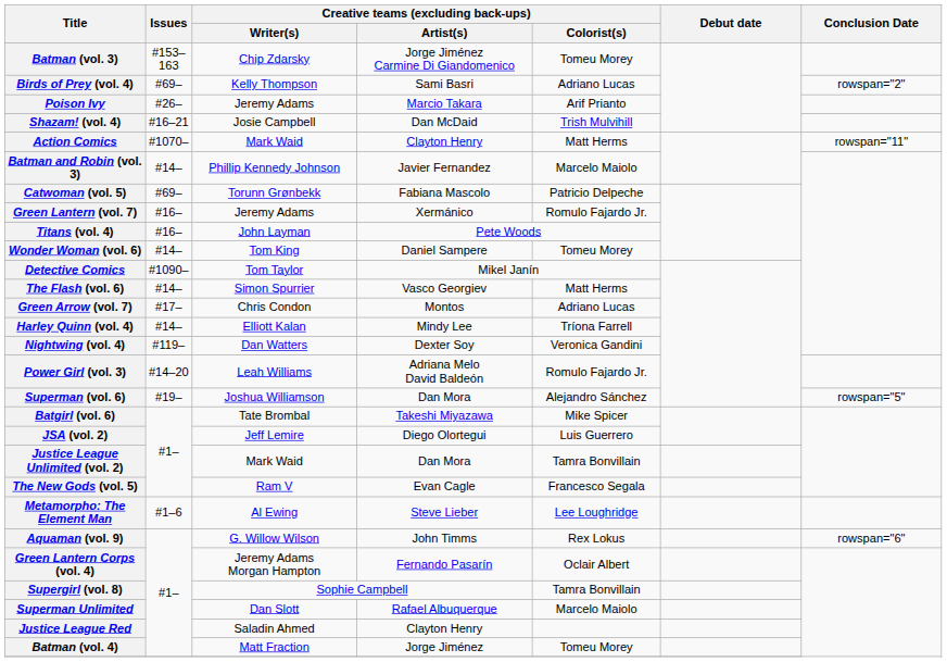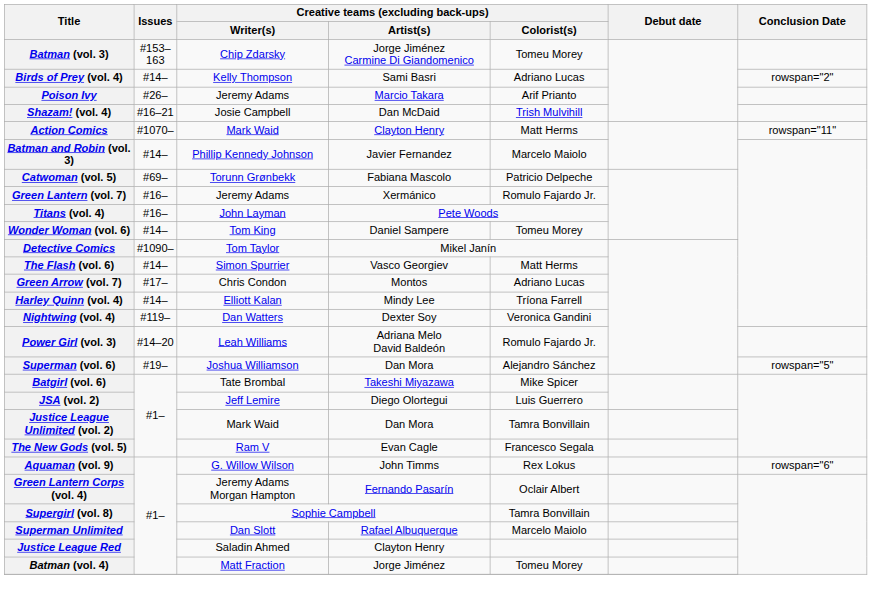 <table class="wikitable sortable" style="text-align:center; font-weight:normal;"  width=99%>
 <tr>
 <th scope="col" rowspan="2" align="center" width="15%">Title</th>
 <th scope="col" rowspan="2" align="center" width="5%">Issues</th>
 <th scope="col" colspan="3" align="center" width="50%">Creative teams (excluding back-ups)</th>
 <th scope="col" rowspan="2" align="center" width="15%">Debut date</th>
 <th scope="col" rowspan="2" align="center" width="15%">Conclusion Date</th>
 </tr>
 <tr>
 <th scope="col">Writer(s)</th>
 <th scope="col">Artist(s)</th>
 <th scope="col">Colorist(s)</th>
 </tr>
 <tr>
 <th scope="row"><em><a href='#'>Batman</a></em> (vol. 3)</th>
 <td>#153–163</td>
 <td><a href='#'>Chip Zdarsky</a></td>
 <td>Jorge Jiménez<br><a href='#'>Carmine Di Giandomenico</a></td>
 <td>Tomeu Morey</td>
 <td rowspan="4"></td>
 <td></td>
 </tr>
 <tr>
 <th scope="row"><em><a href='#'>Birds of Prey</a></em> (vol. 4)</th>
-<td>#69–</td>
+<td>#14–</td>
 <td><a href='#'>Kelly Thompson</a></td>
 <td>Sami Basri</td>
 <td>Adriano Lucas</td>
 <td>rowspan="2" </td>
 </tr>
 <tr>
 <th scope="row"><em><a href='#'>Poison Ivy</a></em></th>
 <td>#26–</td>
 <td>Jeremy Adams</td>
 <td><a href='#'>Marcio Takara</a></td>
 <td>Arif Prianto</td>
 </tr>
 <tr>
 <th scope="row"><em><a href='#'>Shazam!</a></em> (vol. 4)</th>
 <td>#16–21</td>
 <td>Josie Campbell</td>
 <td>Dan McDaid</td>
 <td><a href='#'>Trish Mulvihill</a></td>
 <td></td>
 </tr>
 <tr>
 <th scope="row"><em><a href='#'>Action Comics</a></em></th>
 <td>#1070–</td>
 <td><a href='#'>Mark Waid</a></td>
 <td><a href='#'>Clayton Henry</a></td>
 <td>Matt Herms</td>
 <td rowspan="2"></td>
 <td>rowspan="11" </td>
 </tr>
 <tr>
 <th scope="row"><em><a href='#'>Batman and Robin</a></em> (vol. 3)</th>
 <td>#14–</td>
 <td><a href='#'>Phillip Kennedy Johnson</a></td>
 <td>Javier Fernandez</td>
 <td>Marcelo Maiolo</td>
 </tr>
 <tr>
 <th scope="row"><em><a href='#'>Catwoman</a></em> (vol. 5)</th>
 <td>#69–</td>
 <td><a href='#'>Torunn Grønbekk</a></td>
 <td>Fabiana Mascolo</td>
 <td>Patricio Delpeche</td>
 <td rowspan="4"></td>
 </tr>
 <tr>
 <th scope="row"><em><a href='#'>Green Lantern</a></em> (vol. 7)</th>
 <td>#16–</td>
 <td>Jeremy Adams</td>
 <td>Xermánico</td>
 <td>Romulo Fajardo Jr.</td>
 </tr>
 <tr>
 <th scope="row"><em><a href='#'>Titans</a></em> (vol. 4)</th>
 <td>#16–</td>
 <td><a href='#'>John Layman</a></td>
 <td colspan="2"><a href='#'>Pete Woods</a></td>
 </tr>
 <tr>
 <th scope="row"><em><a href='#'>Wonder Woman</a></em> (vol. 6)</th>
 <td>#14–</td>
 <td><a href='#'>Tom King</a></td>
 <td>Daniel Sampere</td>
 <td>Tomeu Morey</td>
 </tr>
 <tr>
 <th scope="row"><em><a href='#'>Detective Comics</a></em></th>
 <td>#1090–</td>
 <td><a href='#'>Tom Taylor</a></td>
 <td colspan="2">Mikel Janín</td>
 <td rowspan="7"></td>
 </tr>
 <tr>
 <th scope="row"><em><a href='#'>The Flash</a></em> (vol. 6)</th>
 <td>#14–</td>
 <td><a href='#'>Simon Spurrier</a></td>
 <td>Vasco Georgiev</td>
 <td>Matt Herms</td>
 </tr>
 <tr>
 <th scope="row"><em><a href='#'>Green Arrow</a></em> (vol. 7)</th>
 <td>#17–</td>
 <td>Chris Condon</td>
 <td>Montos</td>
 <td>Adriano Lucas</td>
 </tr>
 <tr>
 <th scope="row"><em><a href='#'>Harley Quinn</a></em> (vol. 4)</th>
 <td>#14–</td>
 <td><a href='#'>Elliott Kalan</a></td>
 <td>Mindy Lee</td>
 <td>Tríona Farrell</td>
 </tr>
 <tr>
 <th scope="row"><em><a href='#'>Nightwing</a></em> (vol. 4)</th>
 <td>#119–</td>
 <td><a href='#'>Dan Watters</a></td>
 <td>Dexter Soy</td>
 <td>Veronica Gandini</td>
 </tr>
 <tr>
 <th scope="row"><em><a href='#'>Power Girl</a></em> (vol. 3)</th>
 <td>#14–20</td>
 <td><a href='#'>Leah Williams</a></td>
 <td>Adriana Melo<br>David Baldeón</td>
 <td>Romulo Fajardo Jr.</td>
 <td></td>
 </tr>
 <tr>
 <th scope="row"><em><a href='#'>Superman</a></em> (vol. 6)</th>
 <td>#19–</td>
 <td><a href='#'>Joshua Williamson</a></td>
 <td>Dan Mora</td>
 <td>Alejandro Sánchez</td>
 <td>rowspan="5" </td>
 </tr>
 <tr>
 <th scope="row"><em><a href='#'>Batgirl</a></em> (vol. 6)</th>
 <td rowspan="4">#1–</td>
 <td>Tate Brombal</td>
 <td><a href='#'>Takeshi Miyazawa</a></td>
 <td>Mike Spicer</td>
 <td rowspan="2"></td>
 </tr>
 <tr>
 <th scope="row"><em><a href='#'>JSA</a></em> (vol. 2)</th>
 <td><a href='#'>Jeff Lemire</a></td>
 <td>Diego Olortegui</td>
 <td>Luis Guerrero</td>
 </tr>
 <tr>
 <th scope="row"><em><a href='#'>Justice League Unlimited</a></em> (vol. 2)</th>
 <td>Mark Waid</td>
 <td>Dan Mora</td>
 <td>Tamra Bonvillain</td>
 <td></td>
 </tr>
 <tr>
 <th scope="row"><em><a href='#'>The New Gods</a></em> (vol. 5)</th>
 <td><a href='#'>Ram V</a></td>
 <td>Evan Cagle</td>
 <td>Francesco Segala</td>
 <td></td>
 </tr>
 <tr>
-<th scope="row"><em><a href='#'>Metamorpho: The Element Man</a></em></th>
-<td>#1–6</td>
-<td><a href='#'>Al Ewing</a></td>
-<td><a href='#'>Steve Lieber</a></td>
-<td><a href='#'>Lee Loughridge</a></td>
-<td></td>
-<td></td>
-</tr>
-<tr>
 <th scope="row"><em><a href='#'>Aquaman</a></em> (vol. 9)</th>
 <td rowspan="6">#1–</td>
 <td><a href='#'>G. Willow Wilson</a></td>
 <td>John Timms</td>
 <td>Rex Lokus</td>
 <td></td>
 <td>rowspan="6" </td>
 </tr>
 <tr>
 <th scope="row"><em><a href='#'>Green Lantern Corps</a></em> (vol. 4)</th>
 <td>Jeremy Adams<br>Morgan Hampton</td>
 <td><a href='#'>Fernando Pasarín</a></td>
 <td>Oclair Albert</td>
 <td></td>
 </tr>
 <tr>
 <th scope="row"><em><a href='#'>Supergirl</a></em> (vol. 8)</th>
 <td colspan="2"><a href='#'>Sophie Campbell</a></td>
 <td>Tamra Bonvillain</td>
 <td></td>
 </tr>
 <tr>
 <th scope="row"><em><a href='#'>Superman Unlimited</a></em></th>
 <td><a href='#'>Dan Slott</a></td>
 <td><a href='#'>Rafael Albuquerque</a></td>
 <td>Marcelo Maiolo</td>
 <td></td>
 </tr>
 <tr>
 <th scope=“row”><em><a href='#'>Justice League Red</a></em></th>
 <td>Saladin Ahmed</td>
 <td>Clayton Henry</td>
 <td></td>
 <td></td>
 </tr>
 <tr>
 <th scope="row"><em>Batman</em> (vol. 4)</th>
 <td><a href='#'>Matt Fraction</a></td>
 <td>Jorge Jiménez</td>
 <td>Tomeu Morey</td>
 <td></td>
 </tr>
 <tr>
 </tr>
 </table>
